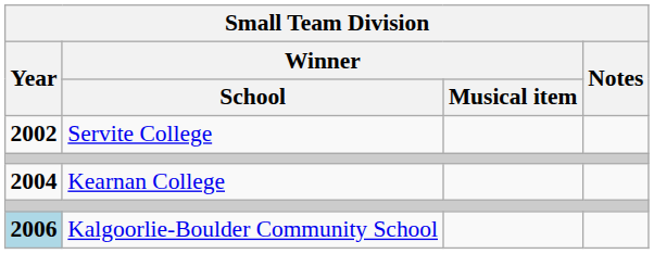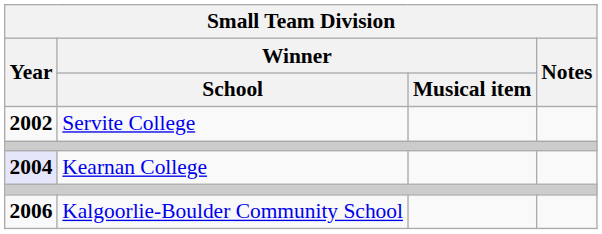 <table class="wikitable sortable">
 <tr>
 <th colspan=8>Small Team Division</th>
 </tr>
 <tr>
 <th rowspan=2>Year</th>
 <th colspan=2>Winner</th>
 <th rowspan=2>Notes</th>
 </tr>
 <tr>
 <th>School</th>
 <th>Musical item</th>
 </tr>
 <tr>
 <td><strong>2002</strong></td>
 <td><a href='#'>Servite College</a></td>
 <td></td>
 <td></td>
 </tr>
 <tr>
 <th colspan=8 style="background: #cccccc;"></th>
 </tr>
 <tr>
-<td><strong>2004</strong></td>
+<td style="background: lavender;"><strong>2004</strong></td>
 <td><a href='#'>Kearnan College</a></td>
 <td></td>
 <td></td>
 </tr>
 <tr>
 <th colspan=8 style="background: #cccccc;"></th>
 </tr>
 <tr>
-<td style="background: lightblue;"><strong>2006</strong></td>
+<td><strong>2006</strong></td>
 <td><a href='#'>Kalgoorlie-Boulder Community School</a></td>
 <td></td>
 <td></td>
 </tr>
 </table>
